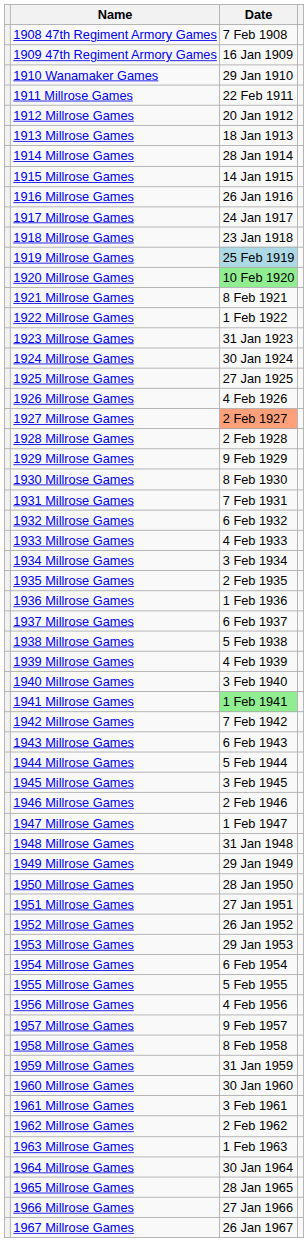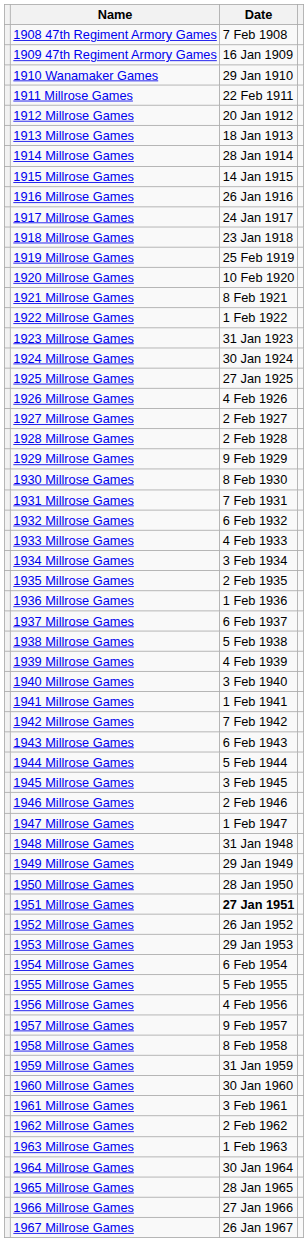 <table class="wikitable plainrowheaders sticky-header defaultleft col3right" style="font-size:95%">
 <tr>
 <th scope="col"></th>
 <th scope="col">Name</th>
 <th scope="col">Date</th>
 <th scope="col"></th>
 </tr>
 <tr>
 <th scope="row"></th>
 <td><a href='#'>1908 47th Regiment Armory Games</a></td>
 <td>7 Feb 1908</td>
 <td></td>
 </tr>
 <tr>
 <th scope="row"></th>
 <td><a href='#'>1909 47th Regiment Armory Games</a></td>
 <td>16 Jan 1909</td>
 <td></td>
 </tr>
 <tr>
 <th scope="row"></th>
 <td><a href='#'>1910 Wanamaker Games</a></td>
 <td>29 Jan 1910</td>
 <td></td>
 </tr>
 <tr>
 <th scope="row"></th>
 <td><a href='#'>1911 Millrose Games</a></td>
 <td>22 Feb 1911</td>
 <td></td>
 </tr>
 <tr>
 <th scope="row"></th>
 <td><a href='#'>1912 Millrose Games</a></td>
 <td>20 Jan 1912</td>
 <td></td>
 </tr>
 <tr>
 <th scope="row"></th>
 <td><a href='#'>1913 Millrose Games</a></td>
 <td>18 Jan 1913</td>
 <td></td>
 </tr>
 <tr>
 <th scope="row"></th>
 <td><a href='#'>1914 Millrose Games</a></td>
 <td>28 Jan 1914</td>
 <td></td>
 </tr>
 <tr>
 <th scope="row"></th>
 <td><a href='#'>1915 Millrose Games</a></td>
 <td>14 Jan 1915</td>
 <td></td>
 </tr>
 <tr>
 <th scope="row"></th>
 <td><a href='#'>1916 Millrose Games</a></td>
 <td>26 Jan 1916</td>
 <td></td>
 </tr>
 <tr>
 <th scope="row"></th>
 <td><a href='#'>1917 Millrose Games</a></td>
 <td>24 Jan 1917</td>
 <td></td>
 </tr>
 <tr>
 <th scope="row"></th>
 <td><a href='#'>1918 Millrose Games</a></td>
 <td>23 Jan 1918</td>
 <td></td>
 </tr>
 <tr>
 <th scope="row"></th>
 <td><a href='#'>1919 Millrose Games</a></td>
-<td style="background: lightblue;">25 Feb 1919</td>
+<td>25 Feb 1919</td>
 <td></td>
 </tr>
 <tr>
 <th scope="row"></th>
 <td><a href='#'>1920 Millrose Games</a></td>
-<td style="background: lightgreen;">10 Feb 1920</td>
+<td>10 Feb 1920</td>
 <td></td>
 </tr>
 <tr>
 <th scope="row"></th>
 <td><a href='#'>1921 Millrose Games</a></td>
 <td>8 Feb 1921</td>
 <td></td>
 </tr>
 <tr>
 <th scope="row"></th>
 <td><a href='#'>1922 Millrose Games</a></td>
 <td>1 Feb 1922</td>
 <td></td>
 </tr>
 <tr>
 <th scope="row"></th>
 <td><a href='#'>1923 Millrose Games</a></td>
 <td>31 Jan 1923</td>
 <td></td>
 </tr>
 <tr>
 <th scope="row"></th>
 <td><a href='#'>1924 Millrose Games</a></td>
 <td>30 Jan 1924</td>
 <td></td>
 </tr>
 <tr>
 <th scope="row"></th>
 <td><a href='#'>1925 Millrose Games</a></td>
 <td>27 Jan 1925</td>
 <td></td>
 </tr>
 <tr>
 <th scope="row"></th>
 <td><a href='#'>1926 Millrose Games</a></td>
 <td>4 Feb 1926</td>
 <td></td>
 </tr>
 <tr>
 <th scope="row"></th>
 <td><a href='#'>1927 Millrose Games</a></td>
-<td style="background: lightsalmon;">2 Feb 1927</td>
+<td>2 Feb 1927</td>
 <td></td>
 </tr>
 <tr>
 <th scope="row"></th>
 <td><a href='#'>1928 Millrose Games</a></td>
 <td>2 Feb 1928</td>
 <td></td>
 </tr>
 <tr>
 <th scope="row"></th>
 <td><a href='#'>1929 Millrose Games</a></td>
 <td>9 Feb 1929</td>
 <td></td>
 </tr>
 <tr>
 <th scope="row"></th>
 <td><a href='#'>1930 Millrose Games</a></td>
 <td>8 Feb 1930</td>
 <td></td>
 </tr>
 <tr>
 <th scope="row"></th>
 <td><a href='#'>1931 Millrose Games</a></td>
 <td>7 Feb 1931</td>
 <td></td>
 </tr>
 <tr>
 <th scope="row"></th>
 <td><a href='#'>1932 Millrose Games</a></td>
 <td>6 Feb 1932</td>
 <td></td>
 </tr>
 <tr>
 <th scope="row"></th>
 <td><a href='#'>1933 Millrose Games</a></td>
 <td>4 Feb 1933</td>
 <td></td>
 </tr>
 <tr>
 <th scope="row"></th>
 <td><a href='#'>1934 Millrose Games</a></td>
 <td>3 Feb 1934</td>
 <td></td>
 </tr>
 <tr>
 <th scope="row"></th>
 <td><a href='#'>1935 Millrose Games</a></td>
 <td>2 Feb 1935</td>
 <td></td>
 </tr>
 <tr>
 <th scope="row"></th>
 <td><a href='#'>1936 Millrose Games</a></td>
 <td>1 Feb 1936</td>
 <td></td>
 </tr>
 <tr>
 <th scope="row"></th>
 <td><a href='#'>1937 Millrose Games</a></td>
 <td>6 Feb 1937</td>
 <td></td>
 </tr>
 <tr>
 <th scope="row"></th>
 <td><a href='#'>1938 Millrose Games</a></td>
 <td>5 Feb 1938</td>
 <td></td>
 </tr>
 <tr>
 <th scope="row"></th>
 <td><a href='#'>1939 Millrose Games</a></td>
 <td>4 Feb 1939</td>
 <td></td>
 </tr>
 <tr>
 <th scope="row"></th>
 <td><a href='#'>1940 Millrose Games</a></td>
 <td>3 Feb 1940</td>
 <td></td>
 </tr>
 <tr>
 <th scope="row"></th>
 <td><a href='#'>1941 Millrose Games</a></td>
-<td style="background: lightgreen;">1 Feb 1941</td>
+<td>1 Feb 1941</td>
 <td></td>
 </tr>
 <tr>
 <th scope="row"></th>
 <td><a href='#'>1942 Millrose Games</a></td>
 <td>7 Feb 1942</td>
 <td></td>
 </tr>
 <tr>
 <th scope="row"></th>
 <td><a href='#'>1943 Millrose Games</a></td>
 <td>6 Feb 1943</td>
 <td></td>
 </tr>
 <tr>
 <th scope="row"></th>
 <td><a href='#'>1944 Millrose Games</a></td>
 <td>5 Feb 1944</td>
 <td></td>
 </tr>
 <tr>
 <th scope="row"></th>
 <td><a href='#'>1945 Millrose Games</a></td>
 <td>3 Feb 1945</td>
 <td></td>
 </tr>
 <tr>
 <th scope="row"></th>
 <td><a href='#'>1946 Millrose Games</a></td>
 <td>2 Feb 1946</td>
 <td></td>
 </tr>
 <tr>
 <th scope="row"></th>
 <td><a href='#'>1947 Millrose Games</a></td>
 <td>1 Feb 1947</td>
 <td></td>
 </tr>
 <tr>
 <th scope="row"></th>
 <td><a href='#'>1948 Millrose Games</a></td>
 <td>31 Jan 1948</td>
 <td></td>
 </tr>
 <tr>
 <th scope="row"></th>
 <td><a href='#'>1949 Millrose Games</a></td>
 <td>29 Jan 1949</td>
 <td></td>
 </tr>
 <tr>
 <th scope="row"></th>
 <td><a href='#'>1950 Millrose Games</a></td>
 <td>28 Jan 1950</td>
 <td></td>
 </tr>
 <tr>
 <th scope="row"></th>
 <td><a href='#'>1951 Millrose Games</a></td>
-<td>27 Jan 1951</td>
+<td><strong>27 Jan 1951</strong></td>
 <td></td>
 </tr>
 <tr>
 <th scope="row"></th>
 <td><a href='#'>1952 Millrose Games</a></td>
 <td>26 Jan 1952</td>
 <td></td>
 </tr>
 <tr>
 <th scope="row"></th>
 <td><a href='#'>1953 Millrose Games</a></td>
 <td>29 Jan 1953</td>
 <td></td>
 </tr>
 <tr>
 <th scope="row"></th>
 <td><a href='#'>1954 Millrose Games</a></td>
 <td>6 Feb 1954</td>
 <td></td>
 </tr>
 <tr>
 <th scope="row"></th>
 <td><a href='#'>1955 Millrose Games</a></td>
 <td>5 Feb 1955</td>
 <td></td>
 </tr>
 <tr>
 <th scope="row"></th>
 <td><a href='#'>1956 Millrose Games</a></td>
 <td>4 Feb 1956</td>
 <td></td>
 </tr>
 <tr>
 <th scope="row"></th>
 <td><a href='#'>1957 Millrose Games</a></td>
 <td>9 Feb 1957</td>
 <td></td>
 </tr>
 <tr>
 <th scope="row"></th>
 <td><a href='#'>1958 Millrose Games</a></td>
 <td>8 Feb 1958</td>
 <td></td>
 </tr>
 <tr>
 <th scope="row"></th>
 <td><a href='#'>1959 Millrose Games</a></td>
 <td>31 Jan 1959</td>
 <td></td>
 </tr>
 <tr>
 <th scope="row"></th>
 <td><a href='#'>1960 Millrose Games</a></td>
 <td>30 Jan 1960</td>
 <td></td>
 </tr>
 <tr>
 <th scope="row"></th>
 <td><a href='#'>1961 Millrose Games</a></td>
 <td>3 Feb 1961</td>
 <td></td>
 </tr>
 <tr>
 <th scope="row"></th>
 <td><a href='#'>1962 Millrose Games</a></td>
 <td>2 Feb 1962</td>
 <td></td>
 </tr>
 <tr>
 <th scope="row"></th>
 <td><a href='#'>1963 Millrose Games</a></td>
 <td>1 Feb 1963</td>
 <td></td>
 </tr>
 <tr>
 <th scope="row"></th>
 <td><a href='#'>1964 Millrose Games</a></td>
 <td>30 Jan 1964</td>
 <td></td>
 </tr>
 <tr>
 <th scope="row"></th>
 <td><a href='#'>1965 Millrose Games</a></td>
 <td>28 Jan 1965</td>
 <td></td>
 </tr>
 <tr>
 <th scope="row"></th>
 <td><a href='#'>1966 Millrose Games</a></td>
 <td>27 Jan 1966</td>
 <td></td>
 </tr>
 <tr>
 <th scope="row"></th>
 <td><a href='#'>1967 Millrose Games</a></td>
 <td>26 Jan 1967</td>
 <td></td>
 </tr>
 </table>
